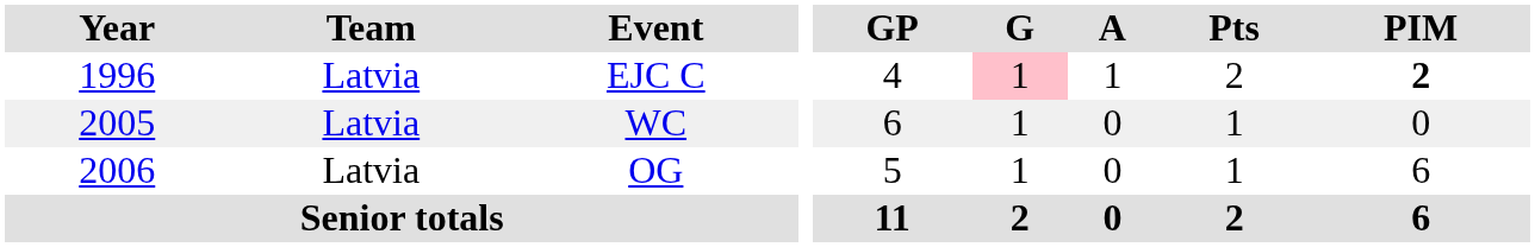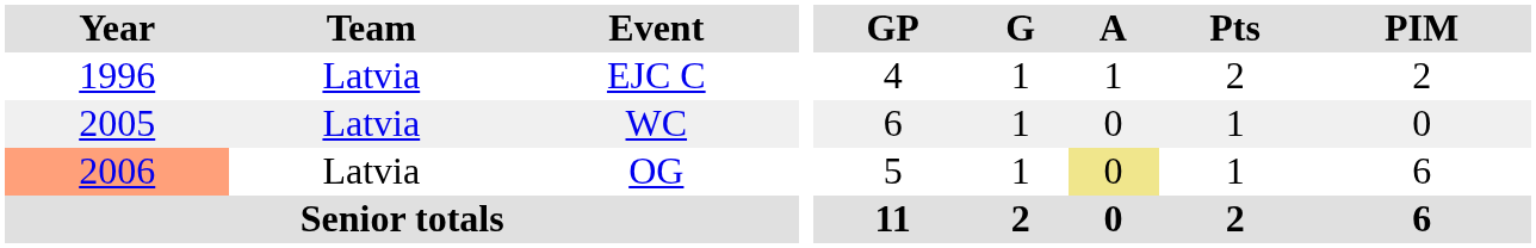 <table border="0" cellpadding="1" cellspacing="0" ID="Table3" style="text-align:center; width:40em">
 <tr ALIGN="center" bgcolor="#e0e0e0">
 <th>Year</th>
 <th>Team</th>
 <th>Event</th>
 <th rowspan="99" bgcolor="#ffffff"></th>
 <th>GP</th>
 <th>G</th>
 <th>A</th>
 <th>Pts</th>
 <th>PIM</th>
 </tr>
 <tr>
 <td><a href='#'>1996</a></td>
 <td><a href='#'>Latvia</a></td>
 <td><a href='#'>EJC C</a></td>
 <td>4</td>
-<td style="background: pink;">1</td>
+<td>1</td>
 <td>1</td>
 <td>2</td>
-<td><strong>2</strong></td>
+<td>2</td>
 </tr>
 <tr bgcolor="#f0f0f0">
 <td><a href='#'>2005</a></td>
 <td><a href='#'>Latvia</a></td>
 <td><a href='#'>WC</a></td>
 <td>6</td>
 <td>1</td>
 <td>0</td>
 <td>1</td>
 <td>0</td>
 </tr>
 <tr>
-<td><a href='#'>2006</a></td>
+<td style="background: lightsalmon;"><a href='#'>2006</a></td>
 <td>Latvia</td>
 <td><a href='#'>OG</a></td>
 <td>5</td>
 <td>1</td>
-<td>0</td>
+<td style="background: khaki;">0</td>
 <td>1</td>
 <td>6</td>
 </tr>
 <tr bgcolor="#e0e0e0">
 <th colspan="3">Senior totals</th>
 <th>11</th>
 <th>2</th>
 <th>0</th>
 <th>2</th>
 <th>6</th>
 </tr>
 </table>
